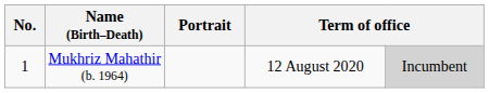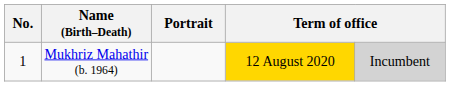 <table class="wikitable" style="text-align:center">
 <tr>
 <th>No.</th>
 <th width=25%>Name<br><small>(Birth–Death)</small></th>
 <th>Portrait</th>
 <th colspan="2">Term of office</th>
 </tr>
 <tr>
 <td>1</td>
 <td><a href='#'>Mukhriz Mahathir</a><br><small>(b. 1964)</small></td>
 <td></td>
-<td>12 August 2020</td>
+<td style="background: gold;">12 August 2020</td>
 <td style="background: lightgrey;">Incumbent</td>
 </tr>
 </table>
